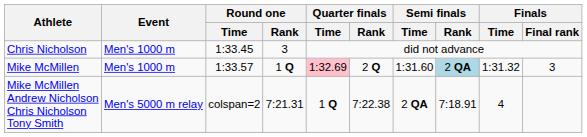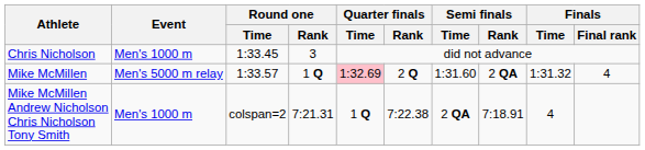 <table class="wikitable" style="font-size:90%">
 <tr>
 <th rowspan="2">Athlete</th>
 <th rowspan="2">Event</th>
 <th colspan="2">Round one</th>
 <th colspan="2">Quarter finals</th>
 <th colspan="2">Semi finals</th>
 <th colspan="2">Finals</th>
 </tr>
 <tr>
 <th>Time</th>
 <th>Rank</th>
 <th>Time</th>
 <th>Rank</th>
 <th>Time</th>
 <th>Rank</th>
 <th>Time</th>
 <th>Final rank</th>
 </tr>
 <tr>
 <td><a href='#'>Chris Nicholson</a></td>
 <td><a href='#'>Men's 1000 m</a></td>
 <td align="center">1:33.45</td>
 <td align="center">3</td>
 <td colspan="6" align="center">did not advance</td>
 </tr>
 <tr>
 <td><a href='#'>Mike McMillen</a></td>
-<td><a href='#'>Men's 1000 m</a></td>
+<td><a href='#'>Men's 5000 m relay</a></td>
 <td align="center">1:33.57</td>
 <td align="center">1 <strong>Q</strong></td>
 <td align="center" style="background: pink;">1:32.69</td>
 <td align="center">2 <strong>Q</strong></td>
 <td align="center">1:31.60</td>
-<td align="center" style="background: lightblue;">2 <strong>QA</strong></td>
+<td align="center">2 <strong>QA</strong></td>
 <td align="center">1:31.32</td>
-<td align="center">3</td>
+<td align="center">4</td>
 </tr>
 <tr>
 <td><a href='#'>Mike McMillen</a><br><a href='#'>Andrew Nicholson</a><br><a href='#'>Chris Nicholson</a><br><a href='#'>Tony Smith</a></td>
-<td><a href='#'>Men's 5000 m relay</a></td>
+<td><a href='#'>Men's 1000 m</a></td>
 <td>colspan=2 </td>
 <td align=center>7:21.31</td>
 <td align=center>1 <strong>Q</strong></td>
 <td align=center>7:22.38</td>
 <td align=center>2 <strong>QA</strong></td>
 <td align=center>7:18.91</td>
 <td align=center>4</td>
 </tr>
 </table>
